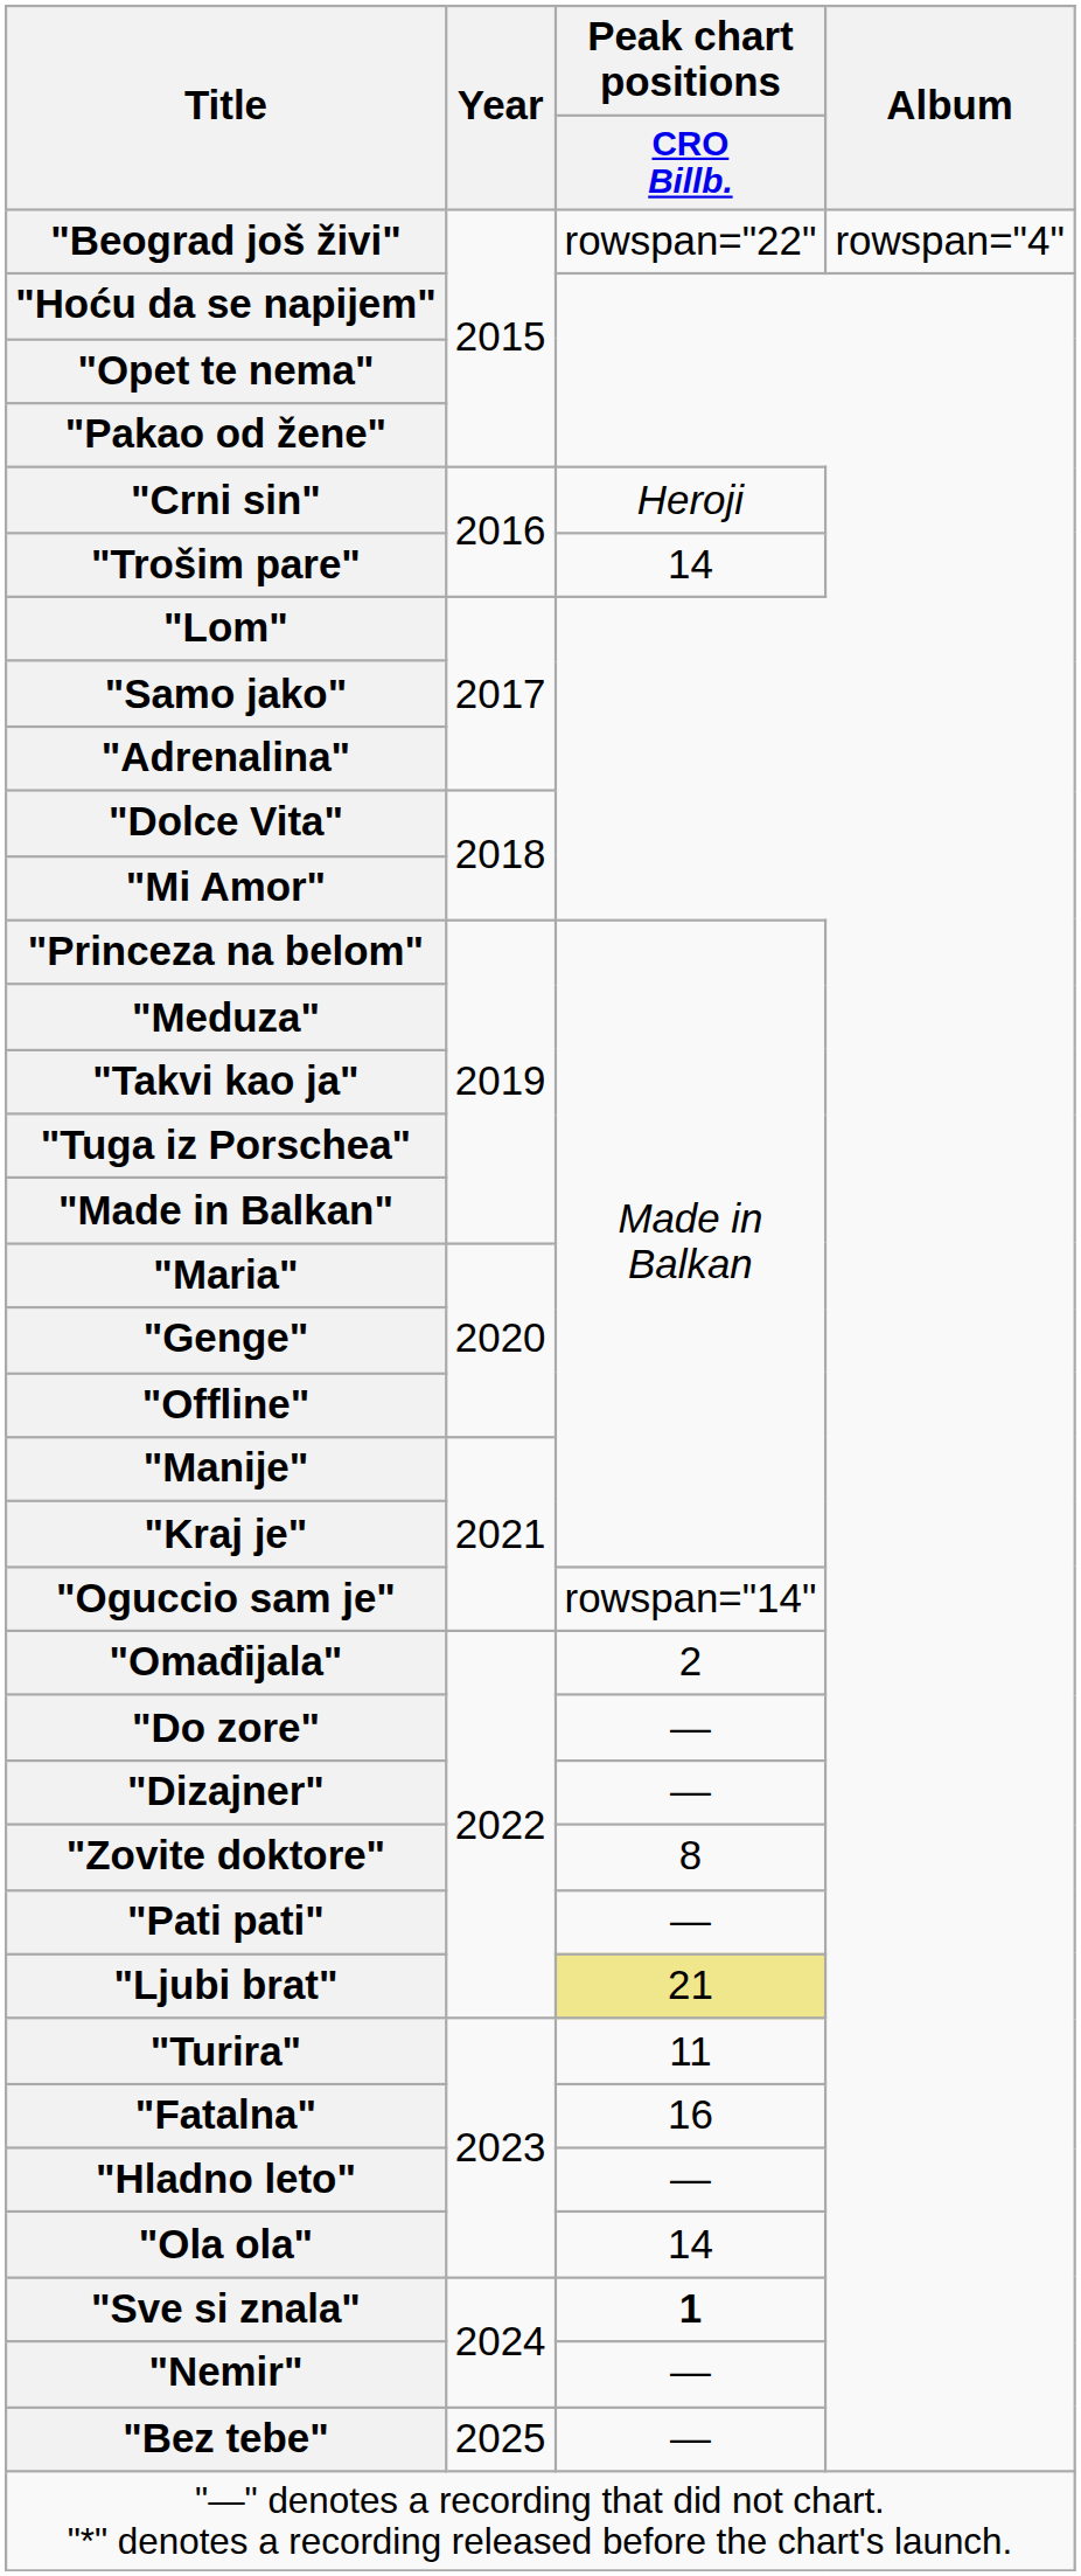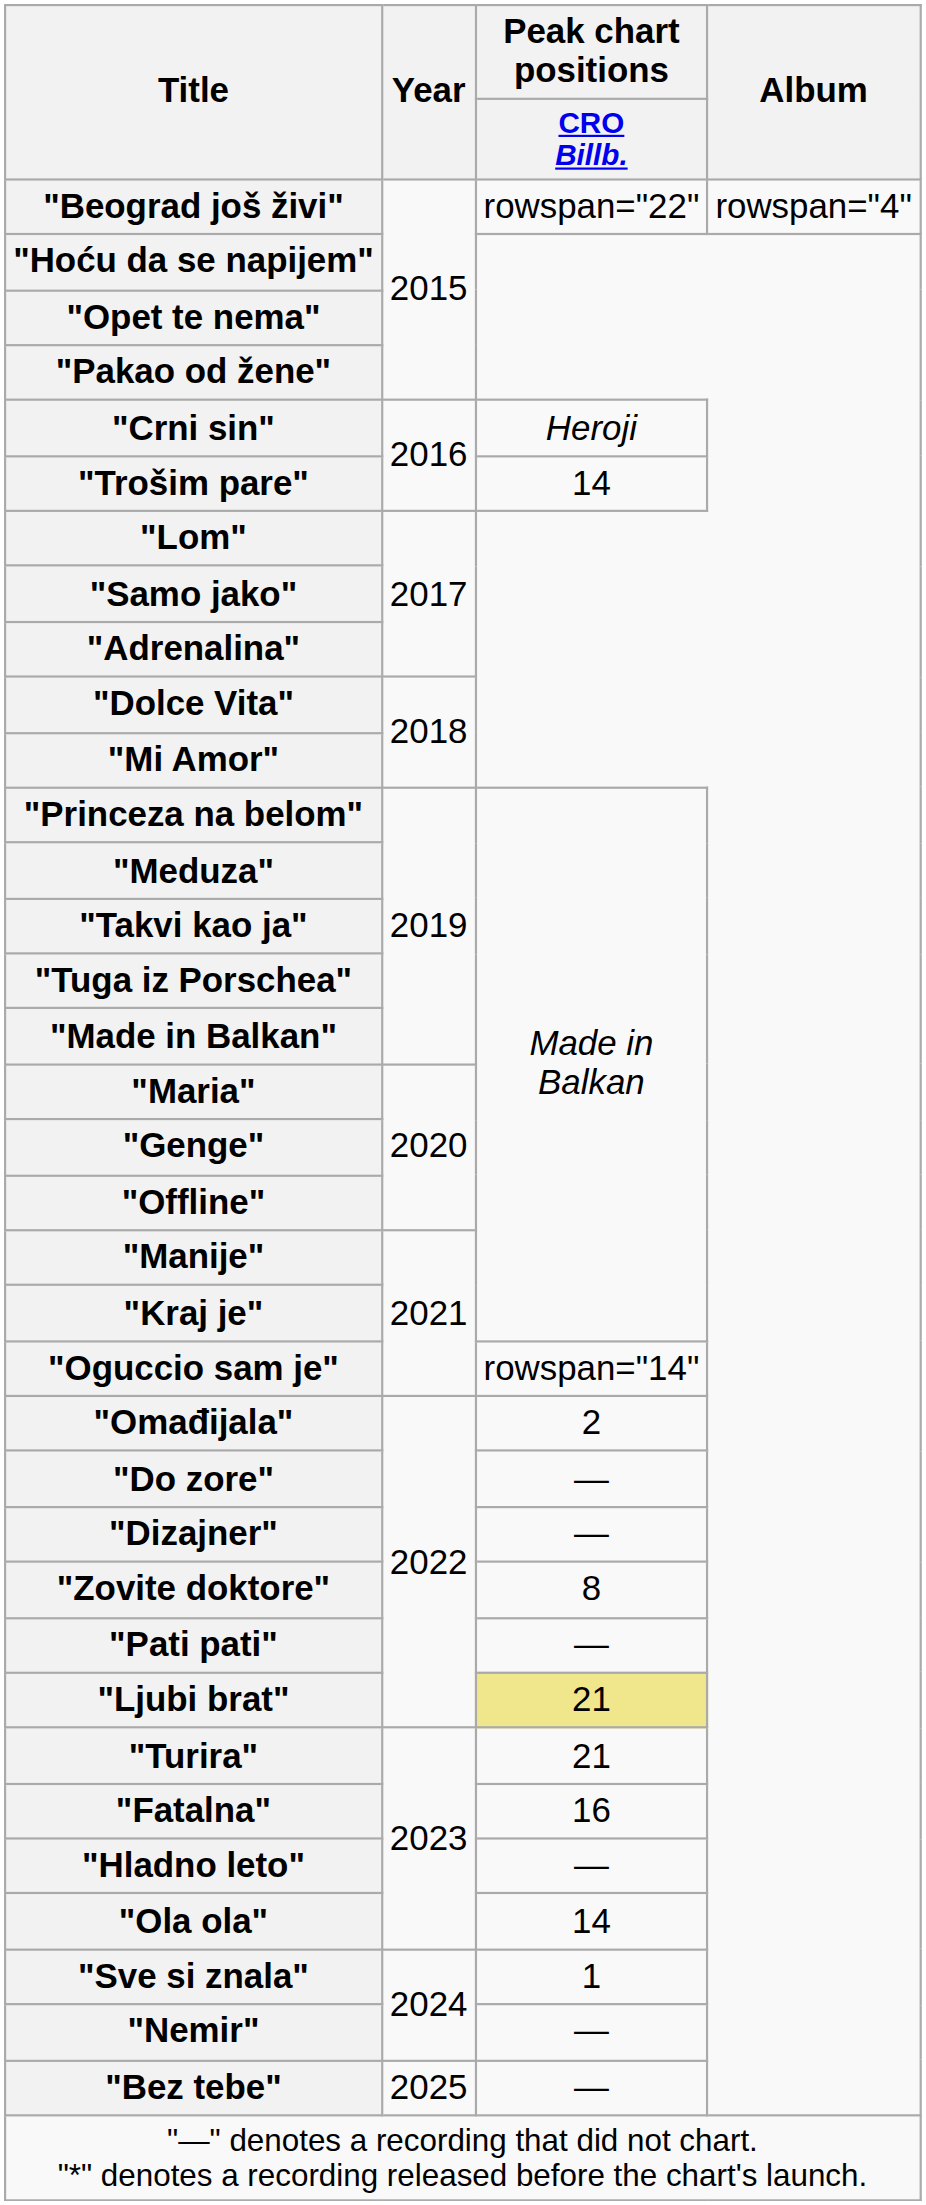 <table class="wikitable plainrowheaders" style="text-align:center;">
 <tr>
 <th scope="col" rowspan="2">Title</th>
 <th scope="col" rowspan="2">Year</th>
 <th scope="col" colspan="1">Peak chart positions</th>
 <th scope="col" rowspan="2">Album</th>
 </tr>
 <tr>
 <th style="width:2.5em; font-size:85%"><a href='#'>CRO<br><em>Billb.</em></a><br></th>
 </tr>
 <tr>
 <th scope="row">"Beograd još živi"</th>
 <td rowspan="4">2015</td>
 <td>rowspan="22" </td>
 <td>rowspan="4" </td>
 </tr>
 <tr>
 <th scope="row">"Hoću da se napijem"</th>
 </tr>
 <tr>
 <th scope="row">"Opet te nema"<br></th>
 </tr>
 <tr>
 <th scope="row">"Pakao od žene"</th>
 </tr>
 <tr>
 <th scope="row">"Crni sin"<br></th>
 <td rowspan="2">2016</td>
 <td><em>Heroji</em></td>
 </tr>
 <tr>
 <th scope="row">"Trošim pare"</th>
 <td>14</td>
 </tr>
 <tr>
 <th scope="row">"Lom"</th>
 <td rowspan="3">2017</td>
 </tr>
 <tr>
 <th scope="row">"Samo jako"<br></th>
 </tr>
 <tr>
 <th scope="row">"Adrenalina"</th>
 </tr>
 <tr>
 <th scope="row">"Dolce Vita"</th>
 <td rowspan="2">2018</td>
 </tr>
 <tr>
 <th scope="row">"Mi Amor"</th>
 </tr>
 <tr>
 <th scope="row">"Princeza na belom"</th>
 <td rowspan="5">2019</td>
 <td rowspan="10"><em>Made in Balkan</em></td>
 </tr>
 <tr>
 <th scope="row">"Meduza"<br></th>
 </tr>
 <tr>
 <th scope="row">"Takvi kao ja"</th>
 </tr>
 <tr>
 <th scope="row">"Tuga iz Porschea"</th>
 </tr>
 <tr>
 <th scope="row">"Made in Balkan"</th>
 </tr>
 <tr>
 <th scope="row">"Maria"</th>
 <td rowspan="3">2020</td>
 </tr>
 <tr>
 <th scope="row">"Genge"<br></th>
 </tr>
 <tr>
 <th scope="row">"Offline"<br></th>
 </tr>
 <tr>
 <th scope="row">"Manije"</th>
 <td rowspan="3">2021</td>
 </tr>
 <tr>
 <th scope="row">"Kraj je"</th>
 </tr>
 <tr>
 <th scope="row">"Oguccio sam je"<br></th>
 <td>rowspan="14" </td>
 </tr>
 <tr>
 <th scope="row">"Omađijala"<br></th>
 <td rowspan="6">2022</td>
 <td>2</td>
 </tr>
 <tr>
 <th scope="row">"Do zore"<br></th>
 <td>—</td>
 </tr>
 <tr>
 <th scope="row">"Dizajner"</th>
 <td>—</td>
 </tr>
 <tr>
 <th scope="row">"Zovite doktore"<br></th>
 <td>8</td>
 </tr>
 <tr>
 <th scope="row">"Pati pati"</th>
 <td>—</td>
 </tr>
 <tr>
 <th scope="row">"Ljubi brat"</th>
 <td style="background: khaki;">21</td>
 </tr>
 <tr>
 <th scope="row">"Turira"<br></th>
 <td rowspan="4">2023</td>
-<td>11</td>
+<td>21</td>
 </tr>
 <tr>
 <th scope="row">"Fatalna"</th>
 <td>16</td>
 </tr>
 <tr>
 <th scope="row">"Hladno leto"</th>
 <td>—</td>
 </tr>
 <tr>
 <th scope="row">"Ola ola"<br></th>
 <td>14</td>
 </tr>
 <tr>
 <th scope="row">"Sve si znala"</th>
 <td rowspan="2">2024</td>
-<td><strong>1</strong></td>
+<td>1</td>
 </tr>
 <tr>
 <th scope="row">"Nemir"<br></th>
 <td>—</td>
 </tr>
 <tr>
 <th scope="row">"Bez tebe"</th>
 <td>2025</td>
 <td>—</td>
 </tr>
 <tr>
 <td colspan="4" style="font-size:90%">"—" denotes a recording that did not chart.<br>"*" denotes a recording released before the chart's launch.</td>
 </tr>
 </table>
